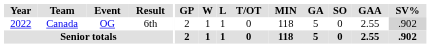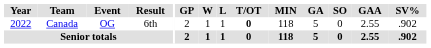 <table border="0" cellpadding="1" cellspacing="0" ID="Table3" style="text-align:center; width:40em">
 <tr ALIGN="center" bgcolor="#e0e0e0">
 <th>Year</th>
 <th>Team</th>
 <th>Event</th>
 <th>Result</th>
 <th rowspan="99" bgcolor="#ffffff"></th>
 <th>GP</th>
 <th>W</th>
 <th>L</th>
 <th>T/OT</th>
 <th>MIN</th>
 <th>GA</th>
 <th>SO</th>
 <th>GAA</th>
 <th>SV%</th>
 </tr>
 <tr ALIGN="center">
 <td><a href='#'>2022</a></td>
 <td><a href='#'>Canada</a></td>
 <td><a href='#'>OG</a></td>
 <td>6th</td>
 <td>2</td>
 <td>1</td>
 <td>1</td>
-<td>0</td>
+<td><strong>0</strong></td>
 <td>118</td>
 <td>5</td>
 <td>0</td>
 <td>2.55</td>
-<td style="background: lightgrey;">.902</td>
+<td>.902</td>
 </tr>
 <tr ALIGN="center" bgcolor="#e0e0e0">
 <th colspan=4>Senior totals</th>
 <th>2</th>
 <th>1</th>
 <th>1</th>
 <th>0</th>
 <th>118</th>
 <th>5</th>
 <th>0</th>
 <th>2.55</th>
 <th>.902</th>
 </tr>
 </table>
